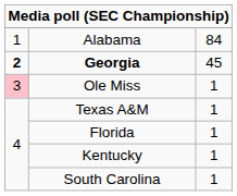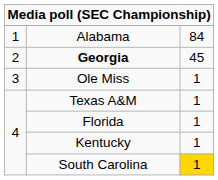 <table class="wikitable">
 <tr align="center">
 <td align="center" Colspan="3"><strong>Media poll (SEC Championship)</strong></td>
 </tr>
 <tr align="center">
 </tr>
 <tr align="center">
 <td>1</td>
 <td>Alabama</td>
 <td>84</td>
 </tr>
 <tr align="center">
-<td><strong>2</strong></td>
+<td>2</td>
 <td><strong>Georgia</strong></td>
 <td>45</td>
 </tr>
 <tr align="center">
-<td style="background: pink;">3</td>
+<td>3</td>
 <td>Ole Miss</td>
 <td>1</td>
 </tr>
 <tr align="center">
 <td rowspan="5">4</td>
 <td>Texas A&M</td>
 <td>1</td>
 </tr>
 <tr align="center">
 <td>Florida</td>
 <td>1</td>
 </tr>
 <tr align="center">
 <td>Kentucky</td>
 <td>1</td>
 </tr>
 <tr align="center">
 <td>South Carolina</td>
-<td>1</td>
+<td style="background: gold;">1</td>
 </tr>
 </table>
